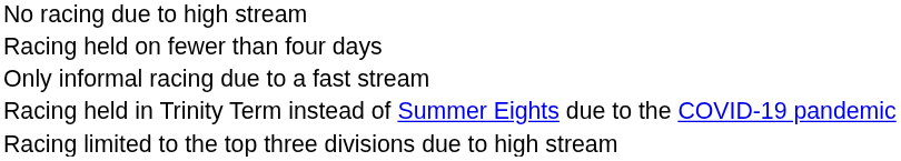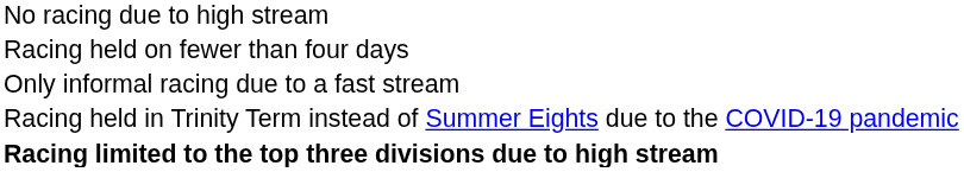 <table>
 <tr>
 <td> No racing due to high stream</td>
 </tr>
 <tr>
 <td> Racing held on fewer than four days</td>
 </tr>
 <tr>
 <td> Only informal racing due to a fast stream</td>
 </tr>
 <tr>
 <td> Racing held in Trinity Term instead of <a href='#'>Summer Eights</a> due to the <a href='#'>COVID-19 pandemic</a></td>
 </tr>
 <tr>
-<td> Racing limited to the top three divisions due to high stream</td>
+<td><strong> Racing limited to the top three divisions due to high stream</strong></td>
 </tr>
 </table>
